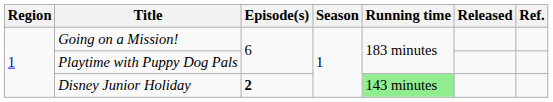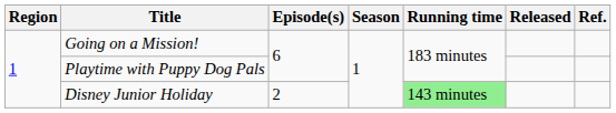 <table class="wikitable">
 <tr>
 <th>Region</th>
 <th>Title</th>
 <th>Episode(s)</th>
 <th>Season</th>
 <th>Running time</th>
 <th>Released</th>
 <th>Ref.</th>
 </tr>
 <tr>
 <td rowspan="3"><a href='#'>1</a></td>
 <td><em>Going on a Mission!</em></td>
 <td rowspan="2">6</td>
 <td rowspan="3">1</td>
 <td rowspan="2">183 minutes</td>
 <td></td>
 <td></td>
 </tr>
 <tr>
 <td><em>Playtime with Puppy Dog Pals</em></td>
 <td></td>
 <td></td>
 </tr>
 <tr>
 <td><em>Disney Junior Holiday</em></td>
-<td rowspan="1"><strong>2</strong></td>
+<td rowspan="1">2</td>
 <td rowspan-"1" style="background: lightgreen;">143 minutes</td>
 <td></td>
 <td></td>
 </tr>
 </table>
